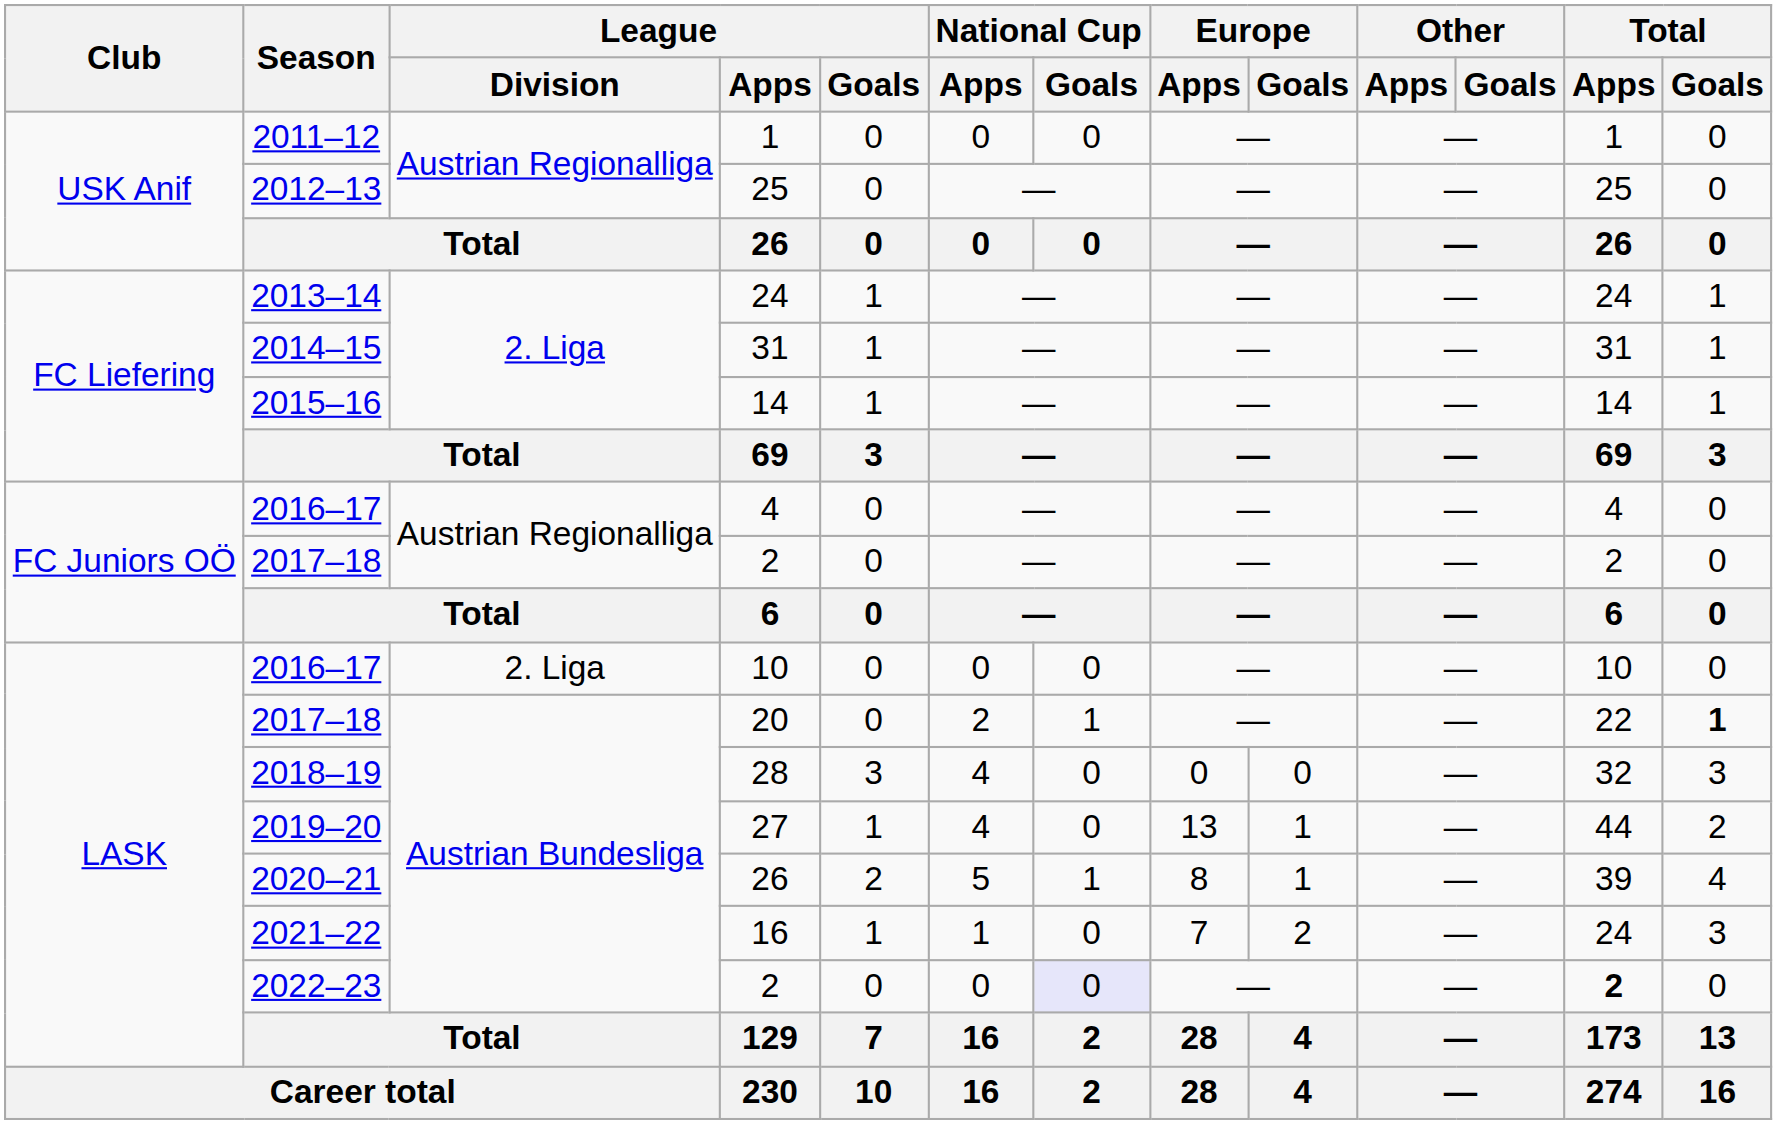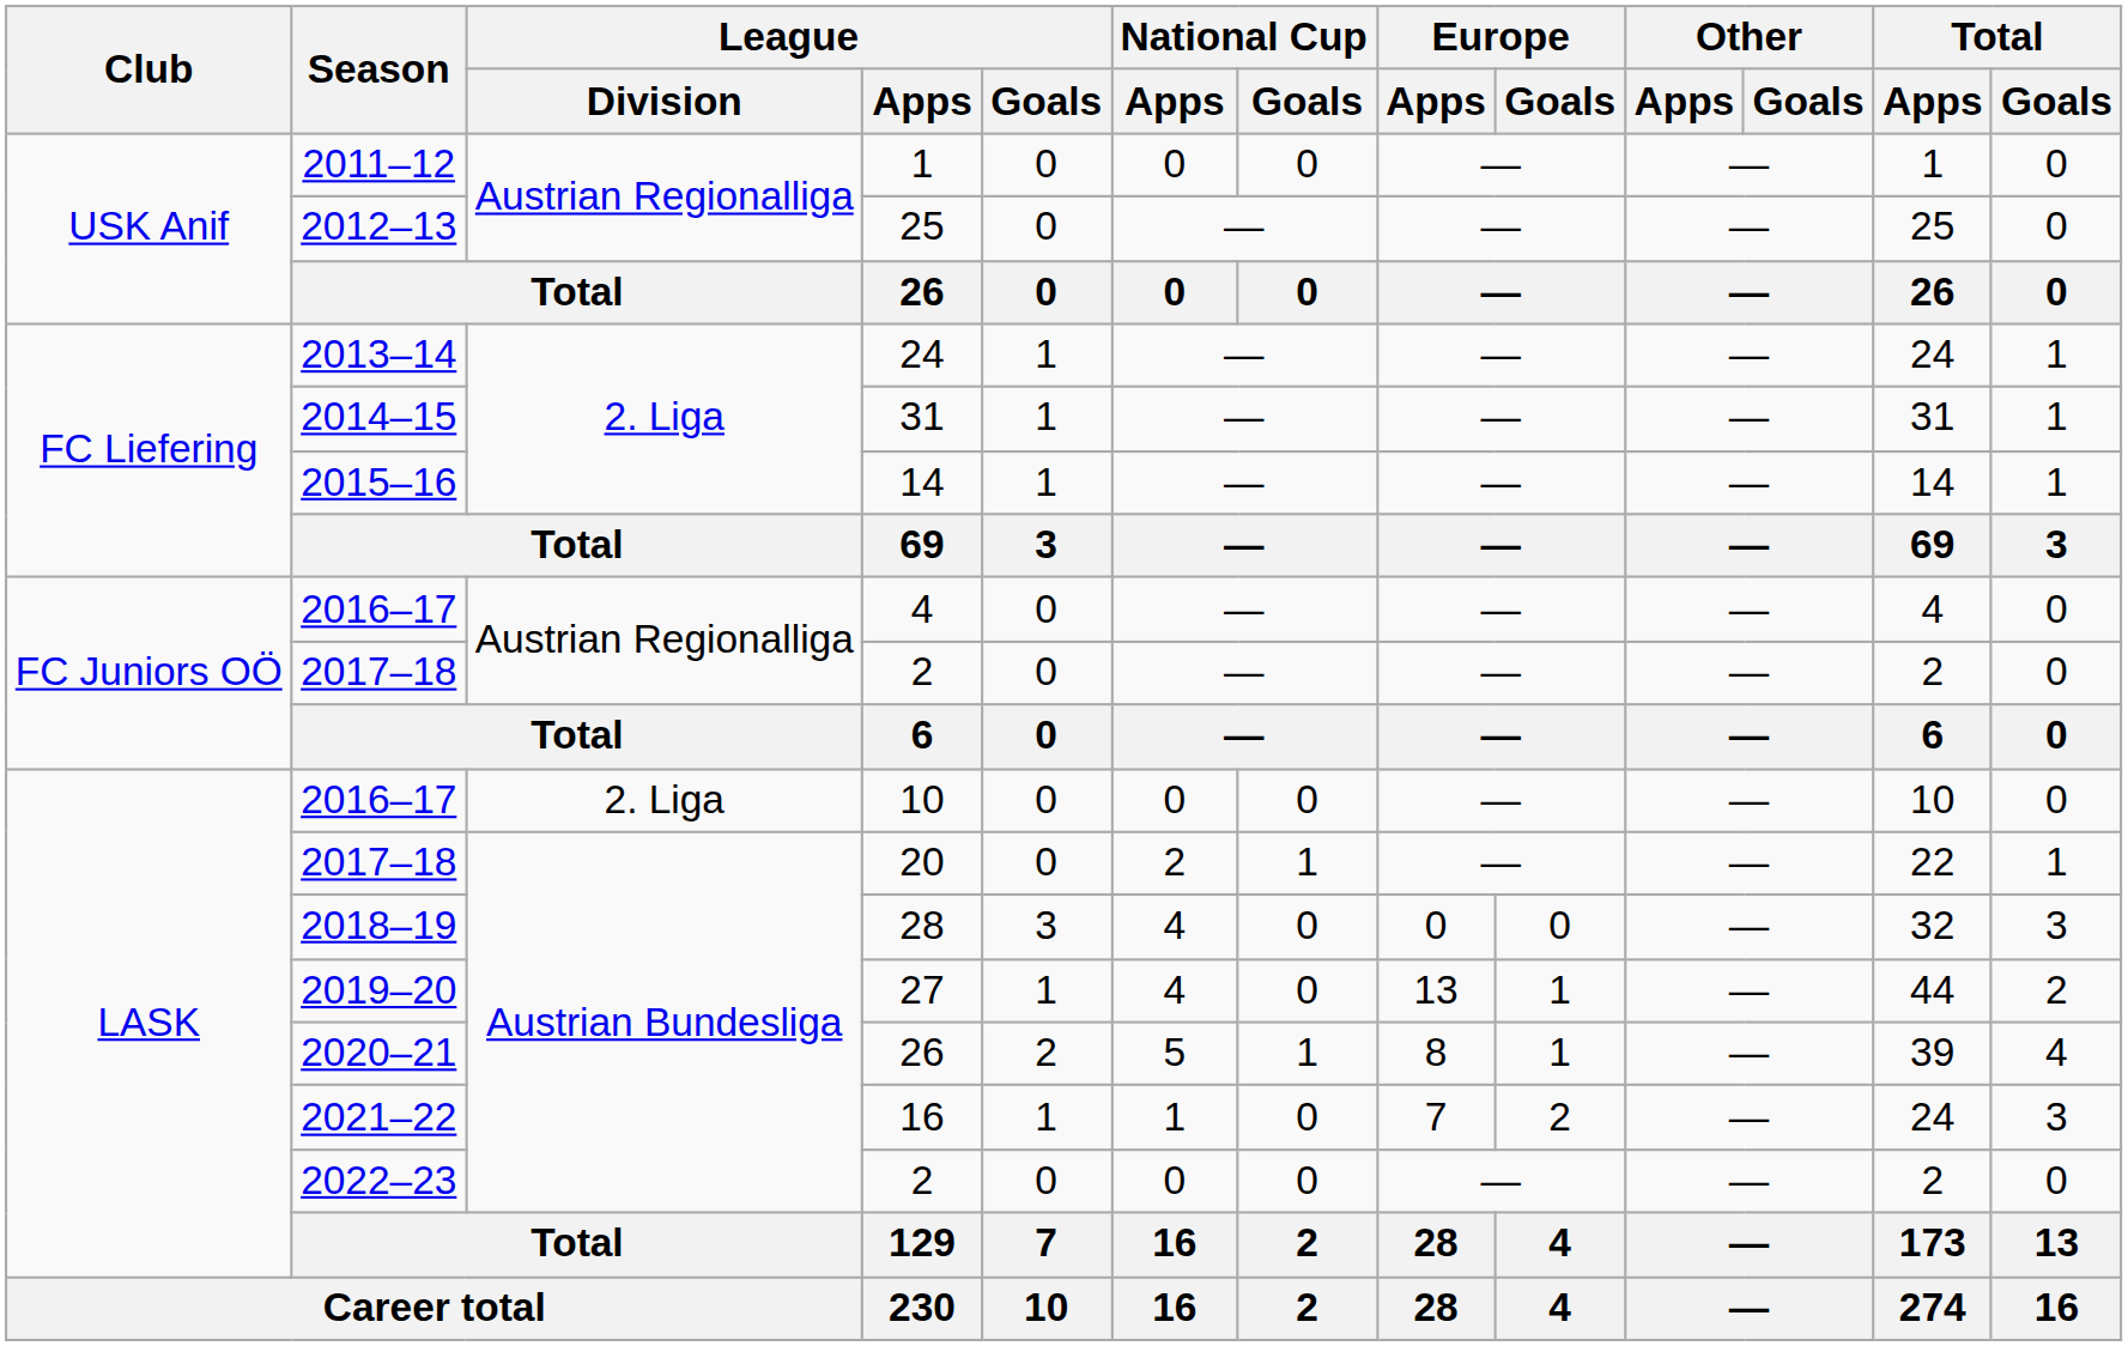 <table class="wikitable" style="text-align:center">
 <tr>
 <th rowspan="2">Club</th>
 <th rowspan="2">Season</th>
 <th colspan="3">League</th>
 <th colspan="2">National Cup</th>
 <th colspan="2">Europe</th>
 <th colspan="2">Other</th>
 <th colspan="2">Total</th>
 </tr>
 <tr>
 <th>Division</th>
 <th>Apps</th>
 <th>Goals</th>
 <th>Apps</th>
 <th>Goals</th>
 <th>Apps</th>
 <th>Goals</th>
 <th>Apps</th>
 <th>Goals</th>
 <th>Apps</th>
 <th>Goals</th>
 </tr>
 <tr>
 <td rowspan="3"><a href='#'>USK Anif</a></td>
 <td><a href='#'>2011–12</a></td>
 <td rowspan="2"><a href='#'>Austrian Regionalliga</a></td>
 <td>1</td>
 <td>0</td>
 <td>0</td>
 <td>0</td>
 <td colspan="2">—</td>
 <td colspan="2">—</td>
 <td>1</td>
 <td>0</td>
 </tr>
 <tr>
 <td><a href='#'>2012–13</a></td>
 <td>25</td>
 <td>0</td>
 <td colspan="2">—</td>
 <td colspan="2">—</td>
 <td colspan="2">—</td>
 <td>25</td>
 <td>0</td>
 </tr>
 <tr>
 <th colspan="2">Total</th>
 <th>26</th>
 <th>0</th>
 <th>0</th>
 <th>0</th>
 <th colspan="2">—</th>
 <th colspan="2">—</th>
 <th>26</th>
 <th>0</th>
 </tr>
 <tr>
 <td rowspan="4"><a href='#'>FC Liefering</a></td>
 <td><a href='#'>2013–14</a></td>
 <td rowspan="3"><a href='#'>2. Liga</a></td>
 <td>24</td>
 <td>1</td>
 <td colspan="2">—</td>
 <td colspan="2">—</td>
 <td colspan="2">—</td>
 <td>24</td>
 <td>1</td>
 </tr>
 <tr>
 <td><a href='#'>2014–15</a></td>
 <td>31</td>
 <td>1</td>
 <td colspan="2">—</td>
 <td colspan="2">—</td>
 <td colspan="2">—</td>
 <td>31</td>
 <td>1</td>
 </tr>
 <tr>
 <td><a href='#'>2015–16</a></td>
 <td>14</td>
 <td>1</td>
 <td colspan="2">—</td>
 <td colspan="2">—</td>
 <td colspan="2">—</td>
 <td>14</td>
 <td>1</td>
 </tr>
 <tr>
 <th colspan="2">Total</th>
 <th>69</th>
 <th>3</th>
 <th colspan="2">—</th>
 <th colspan="2">—</th>
 <th colspan="2">—</th>
 <th>69</th>
 <th>3</th>
 </tr>
 <tr>
 <td rowspan="3"><a href='#'>FC Juniors OÖ</a></td>
 <td><a href='#'>2016–17</a></td>
 <td rowspan="2">Austrian Regionalliga</td>
 <td>4</td>
 <td>0</td>
 <td colspan="2">—</td>
 <td colspan="2">—</td>
 <td colspan="2">—</td>
 <td>4</td>
 <td>0</td>
 </tr>
 <tr>
 <td><a href='#'>2017–18</a></td>
 <td>2</td>
 <td>0</td>
 <td colspan="2">—</td>
 <td colspan="2">—</td>
 <td colspan="2">—</td>
 <td>2</td>
 <td>0</td>
 </tr>
 <tr>
 <th colspan="2">Total</th>
 <th>6</th>
 <th>0</th>
 <th colspan="2">—</th>
 <th colspan="2">—</th>
 <th colspan="2">—</th>
 <th>6</th>
 <th>0</th>
 </tr>
 <tr>
 <td rowspan="8"><a href='#'>LASK</a></td>
 <td><a href='#'>2016–17</a></td>
 <td>2. Liga</td>
 <td>10</td>
 <td>0</td>
 <td>0</td>
 <td>0</td>
 <td colspan="2">—</td>
 <td colspan="2">—</td>
 <td>10</td>
 <td>0</td>
 </tr>
 <tr>
 <td><a href='#'>2017–18</a></td>
 <td rowspan="6"><a href='#'>Austrian Bundesliga</a></td>
 <td>20</td>
 <td>0</td>
 <td>2</td>
 <td>1</td>
 <td colspan="2">—</td>
 <td colspan="2">—</td>
 <td>22</td>
-<td><strong>1</strong></td>
+<td>1</td>
 </tr>
 <tr>
 <td><a href='#'>2018–19</a></td>
 <td>28</td>
 <td>3</td>
 <td>4</td>
 <td>0</td>
 <td>0</td>
 <td>0</td>
 <td colspan="2">—</td>
 <td>32</td>
 <td>3</td>
 </tr>
 <tr>
 <td><a href='#'>2019–20</a></td>
 <td>27</td>
 <td>1</td>
 <td>4</td>
 <td>0</td>
 <td>13</td>
 <td>1</td>
 <td colspan="2">—</td>
 <td>44</td>
 <td>2</td>
 </tr>
 <tr>
 <td><a href='#'>2020–21</a></td>
 <td>26</td>
 <td>2</td>
 <td>5</td>
 <td>1</td>
 <td>8</td>
 <td>1</td>
 <td colspan="2">—</td>
 <td>39</td>
 <td>4</td>
 </tr>
 <tr>
 <td><a href='#'>2021–22</a></td>
 <td>16</td>
 <td>1</td>
 <td>1</td>
 <td>0</td>
 <td>7</td>
 <td>2</td>
 <td colspan="2">—</td>
 <td>24</td>
 <td>3</td>
 </tr>
 <tr>
 <td><a href='#'>2022–23</a></td>
 <td>2</td>
 <td>0</td>
 <td>0</td>
-<td style="background: lavender;">0</td>
+<td>0</td>
 <td colspan="2">—</td>
 <td colspan="2">—</td>
-<td><strong>2</strong></td>
+<td>2</td>
 <td>0</td>
 </tr>
 <tr>
 <th colspan="2">Total</th>
 <th>129</th>
 <th>7</th>
 <th>16</th>
 <th>2</th>
 <th>28</th>
 <th>4</th>
 <th colspan="2">—</th>
 <th>173</th>
 <th>13</th>
 </tr>
 <tr>
 <th colspan="3">Career total</th>
 <th>230</th>
 <th>10</th>
 <th>16</th>
 <th>2</th>
 <th>28</th>
 <th>4</th>
 <th colspan="2">—</th>
 <th>274</th>
 <th>16</th>
 </tr>
 </table>
